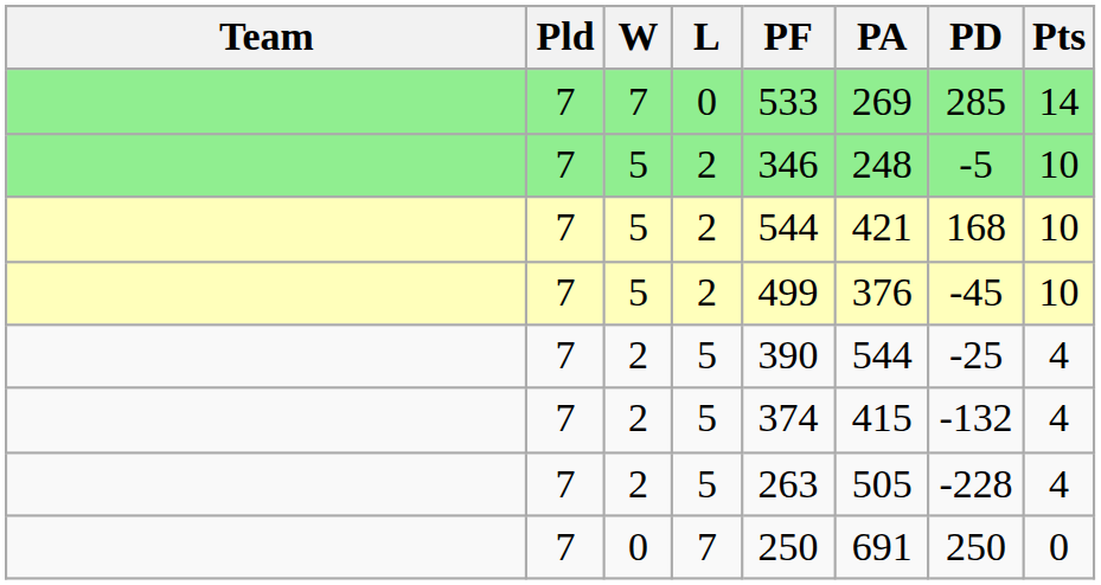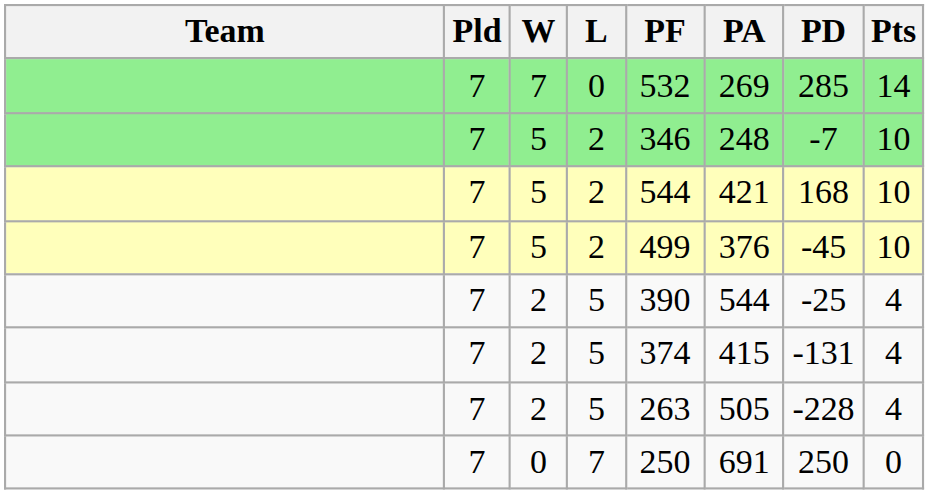 <table class="wikitable" style="text-align:center;">
 <tr>
 <th width=200>Team</th>
 <th width=20>Pld</th>
 <th width=20>W</th>
 <th width=20>L</th>
 <th width=30>PF</th>
 <th width=30>PA</th>
 <th width=30>PD</th>
 <th width=20>Pts</th>
 </tr>
 <tr bgcolor=lightgreen>
 <td align=left></td>
 <td>7</td>
 <td>7</td>
 <td>0</td>
-<td>533</td>
+<td>532</td>
 <td>269</td>
 <td>285</td>
 <td>14</td>
 </tr>
 <tr bgcolor=lightgreen>
 <td align=left></td>
 <td>7</td>
 <td>5</td>
 <td>2</td>
 <td>346</td>
 <td>248</td>
-<td>-5</td>
+<td>-7</td>
 <td>10</td>
 </tr>
 <tr bgcolor=ffffbb>
 <td align=left></td>
 <td>7</td>
 <td>5</td>
 <td>2</td>
 <td>544</td>
 <td>421</td>
 <td>168</td>
 <td>10</td>
 </tr>
 <tr bgcolor=ffffbb>
 <td align=left></td>
 <td>7</td>
 <td>5</td>
 <td>2</td>
 <td>499</td>
 <td>376</td>
 <td>-45</td>
 <td>10</td>
 </tr>
 <tr>
 <td align=left></td>
 <td>7</td>
 <td>2</td>
 <td>5</td>
 <td>390</td>
 <td>544</td>
 <td>-25</td>
 <td>4</td>
 </tr>
 <tr>
 <td align=left></td>
 <td>7</td>
 <td>2</td>
 <td>5</td>
 <td>374</td>
 <td>415</td>
-<td>-132</td>
+<td>-131</td>
 <td>4</td>
 </tr>
 <tr>
 <td align=left></td>
 <td>7</td>
 <td>2</td>
 <td>5</td>
 <td>263</td>
 <td>505</td>
 <td>-228</td>
 <td>4</td>
 </tr>
 <tr>
 <td align=left></td>
 <td>7</td>
 <td>0</td>
 <td>7</td>
 <td>250</td>
 <td>691</td>
 <td>250</td>
 <td>0</td>
 </tr>
 </table>
